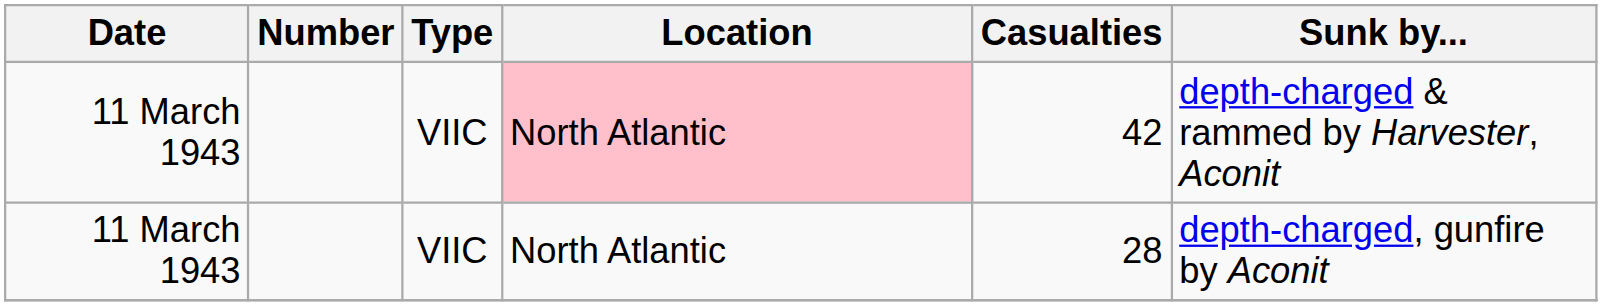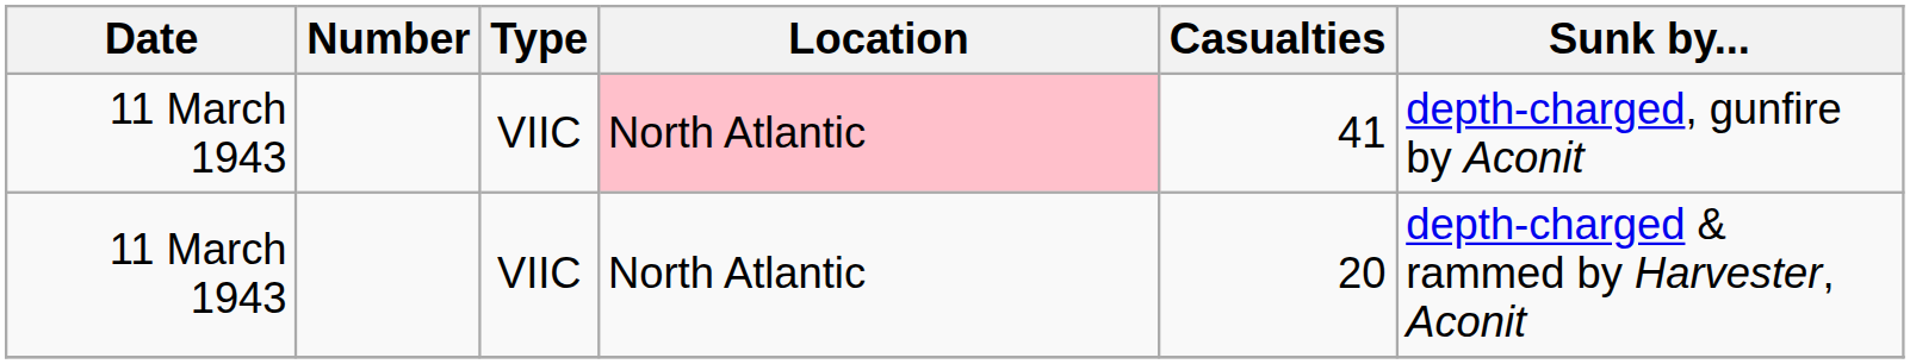 <table class="wikitable sortable">
 <tr>
 <th width="100px">Date</th>
 <th width="25px">Number</th>
 <th width="25px">Type</th>
 <th width="200px">Location</th>
 <th width="25px">Casualties</th>
 <th width="180px">Sunk by...</th>
 </tr>
 <tr>
 <td align="right">11 March 1943</td>
 <td align="center"></td>
 <td align="center">VIIC</td>
 <td align="left" style="background: pink;">North Atlantic<br></td>
-<td align="right">42</td>
-<td align="left"><a href='#'>depth-charged</a> & rammed by <em>Harvester</em>, <em>Aconit</em></td>
+<td align="right">41</td>
+<td align="left"><a href='#'>depth-charged</a>, gunfire by <em>Aconit</em></td>
 </tr>
 <tr>
 <td align="right">11 March 1943</td>
 <td align="center"></td>
 <td align="center">VIIC</td>
 <td align="left">North Atlantic<br></td>
-<td align="right">28</td>
-<td align="left"><a href='#'>depth-charged</a>, gunfire by <em>Aconit</em></td>
+<td align="right">20</td>
+<td align="left"><a href='#'>depth-charged</a> & rammed by <em>Harvester</em>, <em>Aconit</em></td>
 </tr>
 <tr>
 </tr>
 </table>
